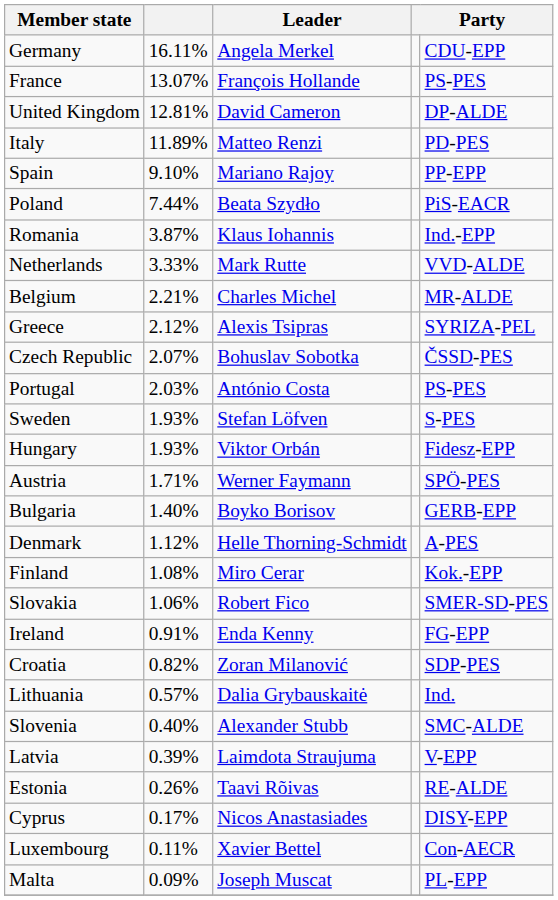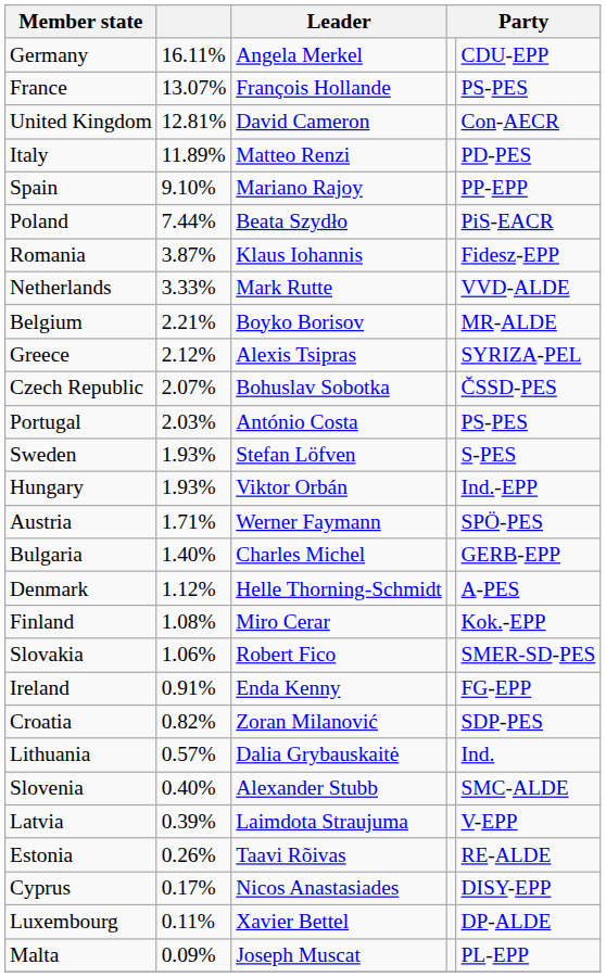 <table class="wikitable">
 <tr>
 <th>Member state</th>
 <th></th>
 <th>Leader</th>
 <th colspan=2>Party</th>
 </tr>
 <tr>
 <td>Germany</td>
 <td>16.11%</td>
 <td><a href='#'>Angela Merkel</a></td>
 <td style="background-color:"></td>
 <td><a href='#'>CDU</a>-<a href='#'>EPP</a></td>
 </tr>
 <tr>
 <td>France</td>
 <td>13.07%</td>
 <td><a href='#'>François Hollande</a></td>
 <td style="background-color:"></td>
 <td><a href='#'>PS</a>-<a href='#'>PES</a></td>
 </tr>
 <tr>
 <td>United Kingdom</td>
 <td>12.81%</td>
 <td><a href='#'>David Cameron</a></td>
 <td style="background-color:"></td>
-<td><a href='#'>DP</a>-<a href='#'>ALDE</a></td>
+<td><a href='#'>Con</a>-<a href='#'>AECR</a></td>
 </tr>
 <tr>
 <td>Italy</td>
 <td>11.89%</td>
 <td><a href='#'>Matteo Renzi</a></td>
 <td style="background-color:"></td>
 <td><a href='#'>PD</a>-<a href='#'>PES</a></td>
 </tr>
 <tr>
 <td>Spain</td>
 <td>9.10%</td>
 <td><a href='#'>Mariano Rajoy</a></td>
 <td style="background-color:"></td>
 <td><a href='#'>PP</a>-<a href='#'>EPP</a></td>
 </tr>
 <tr>
 <td>Poland</td>
 <td>7.44%</td>
 <td><a href='#'>Beata Szydło</a></td>
 <td style="background-color:"></td>
 <td><a href='#'>PiS</a>-<a href='#'>EACR</a></td>
 </tr>
 <tr>
 <td>Romania</td>
 <td>3.87%</td>
 <td><a href='#'>Klaus Iohannis</a></td>
 <td style="background-color:"></td>
-<td><a href='#'>Ind.</a>-<a href='#'>EPP</a></td>
+<td><a href='#'>Fidesz</a>-<a href='#'>EPP</a></td>
 </tr>
 <tr>
 <td>Netherlands</td>
 <td>3.33%</td>
 <td><a href='#'>Mark Rutte</a></td>
 <td style="background-color:"></td>
 <td><a href='#'>VVD</a>-<a href='#'>ALDE</a></td>
 </tr>
 <tr>
 <td>Belgium</td>
 <td>2.21%</td>
-<td><a href='#'>Charles Michel</a></td>
+<td><a href='#'>Boyko Borisov</a></td>
 <td style="background-color:"></td>
 <td><a href='#'>MR</a>-<a href='#'>ALDE</a></td>
 </tr>
 <tr>
 <td>Greece</td>
 <td>2.12%</td>
 <td><a href='#'>Alexis Tsipras</a></td>
 <td style="background-color:"></td>
 <td><a href='#'>SYRIZA</a>-<a href='#'>PEL</a></td>
 </tr>
 <tr>
 <td>Czech Republic</td>
 <td>2.07%</td>
 <td><a href='#'>Bohuslav Sobotka</a></td>
 <td style="background-color:"></td>
 <td><a href='#'>ČSSD</a>-<a href='#'>PES</a></td>
 </tr>
 <tr>
 <td>Portugal</td>
 <td>2.03%</td>
 <td><a href='#'>António Costa</a></td>
 <td style="background-color:"></td>
 <td><a href='#'>PS</a>-<a href='#'>PES</a></td>
 </tr>
 <tr>
 <td>Sweden</td>
 <td>1.93%</td>
 <td><a href='#'>Stefan Löfven</a></td>
 <td style="background-color:"></td>
 <td><a href='#'>S</a>-<a href='#'>PES</a></td>
 </tr>
 <tr>
 <td>Hungary</td>
 <td>1.93%</td>
 <td><a href='#'>Viktor Orbán</a></td>
 <td style="background-color:"></td>
-<td><a href='#'>Fidesz</a>-<a href='#'>EPP</a></td>
+<td><a href='#'>Ind.</a>-<a href='#'>EPP</a></td>
 </tr>
 <tr>
 <td>Austria</td>
 <td>1.71%</td>
 <td><a href='#'>Werner Faymann</a></td>
 <td style="background-color:"></td>
 <td><a href='#'>SPÖ</a>-<a href='#'>PES</a></td>
 </tr>
 <tr>
 <td>Bulgaria</td>
 <td>1.40%</td>
-<td><a href='#'>Boyko Borisov</a></td>
+<td><a href='#'>Charles Michel</a></td>
 <td style="background-color:"></td>
 <td><a href='#'>GERB</a>-<a href='#'>EPP</a></td>
 </tr>
 <tr>
 <td>Denmark</td>
 <td>1.12%</td>
 <td><a href='#'>Helle Thorning-Schmidt</a></td>
 <td style="background-color:"></td>
 <td><a href='#'>A</a>-<a href='#'>PES</a></td>
 </tr>
 <tr>
 <td>Finland</td>
 <td>1.08%</td>
 <td><a href='#'>Miro Cerar</a></td>
 <td style="background-color:"></td>
 <td><a href='#'>Kok.</a>-<a href='#'>EPP</a></td>
 </tr>
 <tr>
 <td>Slovakia</td>
 <td>1.06%</td>
 <td><a href='#'>Robert Fico</a></td>
 <td style="background-color:"></td>
 <td><a href='#'>SMER-SD</a>-<a href='#'>PES</a></td>
 </tr>
 <tr>
 <td>Ireland</td>
 <td>0.91%</td>
 <td><a href='#'>Enda Kenny</a></td>
 <td style="background-color:"></td>
 <td><a href='#'>FG</a>-<a href='#'>EPP</a></td>
 </tr>
 <tr>
 <td>Croatia</td>
 <td>0.82%</td>
 <td><a href='#'>Zoran Milanović</a></td>
 <td style="background-color:"></td>
 <td><a href='#'>SDP</a>-<a href='#'>PES</a></td>
 </tr>
 <tr>
 <td>Lithuania</td>
 <td>0.57%</td>
 <td><a href='#'>Dalia Grybauskaitė</a></td>
 <td style="background-color:"></td>
 <td><a href='#'>Ind.</a></td>
 </tr>
 <tr>
 <td>Slovenia</td>
 <td>0.40%</td>
 <td><a href='#'>Alexander Stubb</a></td>
 <td style="background-color:"></td>
 <td><a href='#'>SMC</a>-<a href='#'>ALDE</a></td>
 </tr>
 <tr>
 <td>Latvia</td>
 <td>0.39%</td>
 <td><a href='#'>Laimdota Straujuma</a></td>
 <td style="background-color:"></td>
 <td><a href='#'>V</a>-<a href='#'>EPP</a></td>
 </tr>
 <tr>
 <td>Estonia</td>
 <td>0.26%</td>
 <td><a href='#'>Taavi Rõivas</a></td>
 <td style="background-color:"></td>
 <td><a href='#'>RE</a>-<a href='#'>ALDE</a></td>
 </tr>
 <tr>
 <td>Cyprus</td>
 <td>0.17%</td>
 <td><a href='#'>Nicos Anastasiades</a></td>
 <td style="background-color:"></td>
 <td><a href='#'>DISY</a>-<a href='#'>EPP</a></td>
 </tr>
 <tr>
 <td>Luxembourg</td>
 <td>0.11%</td>
 <td><a href='#'>Xavier Bettel</a></td>
 <td style="background-color:"></td>
-<td><a href='#'>Con</a>-<a href='#'>AECR</a></td>
+<td><a href='#'>DP</a>-<a href='#'>ALDE</a></td>
 </tr>
 <tr>
 <td>Malta</td>
 <td>0.09%</td>
 <td><a href='#'>Joseph Muscat</a></td>
 <td style="background-color:"></td>
 <td><a href='#'>PL</a>-<a href='#'>EPP</a></td>
 </tr>
 <tr>
 </tr>
 </table>
